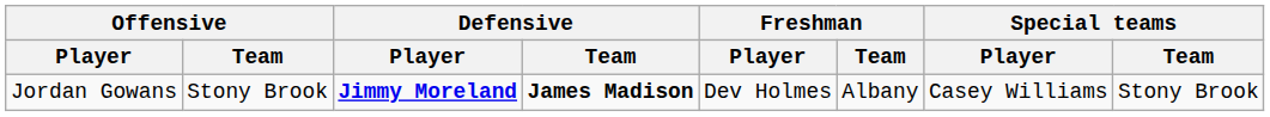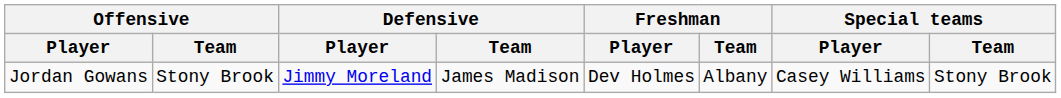 <table class="wikitable" border="1">
 <tr>
 <th colspan="2">Offensive</th>
 <th colspan="2">Defensive</th>
 <th colspan="2">Freshman</th>
 <th colspan="2">Special teams</th>
 </tr>
 <tr>
 <th>Player</th>
 <th>Team</th>
 <th>Player</th>
 <th>Team</th>
 <th>Player</th>
 <th>Team</th>
 <th>Player</th>
 <th>Team</th>
 </tr>
 <tr>
 <td>Jordan Gowans</td>
 <td>Stony Brook</td>
-<td><strong><a href='#'>Jimmy Moreland</a></strong></td>
-<td><strong>James Madison</strong></td>
+<td><a href='#'>Jimmy Moreland</a></td>
+<td>James Madison</td>
 <td>Dev Holmes</td>
 <td>Albany</td>
 <td>Casey Williams</td>
 <td>Stony Brook</td>
 </tr>
 </table>
